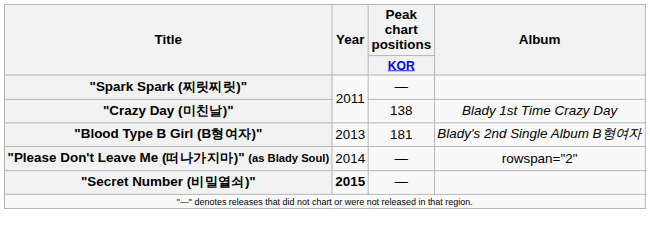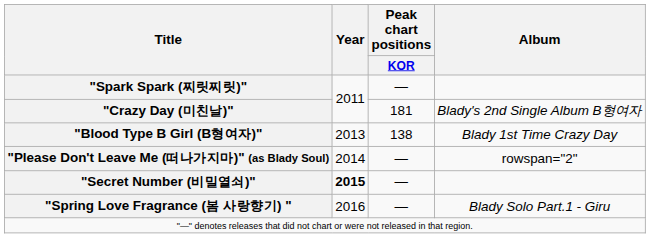 <table class="wikitable plainrowheaders" style="text-align:center">
 <tr>
 <th scope="col" rowspan="2">Title</th>
 <th scope="col" rowspan="2">Year</th>
 <th scope="col" colspan="1">Peak chart positions</th>
 <th scope="col" rowspan="2">Album</th>
 </tr>
 <tr>
 <th scope="col" style="width:3.5em;font-size:90%;"><a href='#'>KOR</a><br></th>
 </tr>
 <tr>
 <th scope="row">"Spark Spark (찌릿찌릿)"</th>
 <td rowspan="2">2011</td>
 <td>—</td>
 <td></td>
 </tr>
 <tr>
 <th scope="row">"Crazy Day (미친날)"</th>
-<td>138</td>
-<td><em>Blady 1st Time Crazy Day</em></td>
+<td>181</td>
+<td><em>Blady's 2nd Single Album B형여자</em></td>
 </tr>
 <tr>
 <th scope="row">"Blood Type B Girl (B형여자)"</th>
 <td>2013</td>
-<td>181</td>
-<td><em>Blady's 2nd Single Album B형여자</em></td>
+<td>138</td>
+<td><em>Blady 1st Time Crazy Day</em></td>
 </tr>
 <tr>
 <th scope="row">"Please Don't Leave Me (떠나가지마)" <small>(as Blady Soul)</small></th>
 <td>2014</td>
 <td>—</td>
 <td>rowspan="2" </td>
 </tr>
 <tr>
 <th scope="row">"Secret Number (비밀열쇠)"</th>
 <td><strong>2015</strong></td>
 <td>—</td>
 </tr>
 <tr>
+<th scope="row">"Spring Love Fragrance (봄 사랑향기) "</th>
+<td>2016</td>
+<td>—</td>
+<td><em>Blady Solo Part.1 - Giru</em></td>
+</tr>
+<tr>
 <td colspan="4" style="font-size:8pt;">"—" denotes releases that did not chart or were not released in that region.</td>
 </tr>
 </table>
